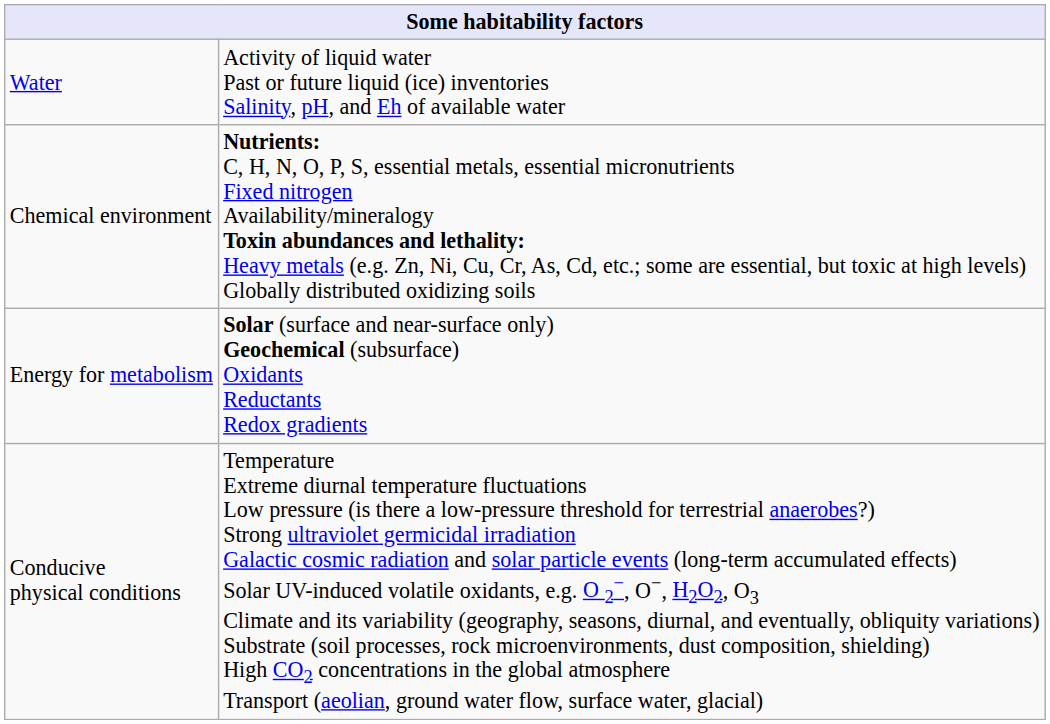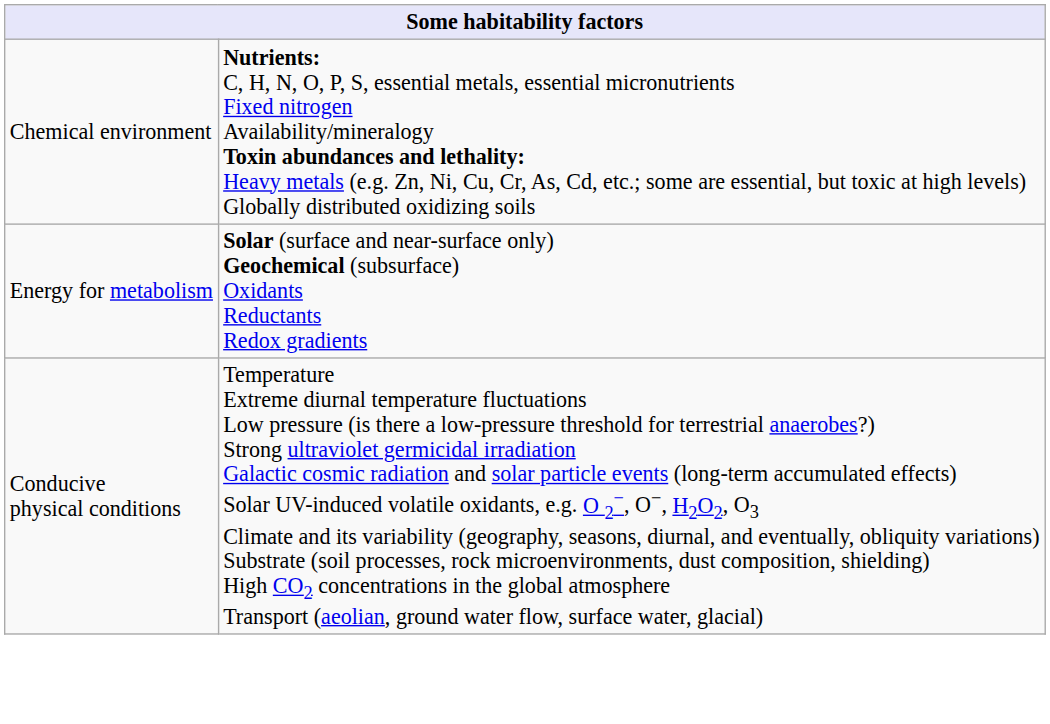 <table class="wikitable">
 <tr>
 <th style="align: center; background: lavender;" colspan="2"><strong>Some habitability factors</strong></th>
-</tr>
-<tr>
-<td><a href='#'>Water</a></td>
-<td> Activity of liquid water <br>  Past or future liquid (ice) inventories <br>  <a href='#'>Salinity</a>, <a href='#'>pH</a>, and <a href='#'>Eh</a> of available water</td>
 </tr>
 <tr>
 <td>Chemical environment</td>
 <td><strong>Nutrients:</strong> <br>  C, H, N, O, P, S, essential metals, essential micronutrients <br> <a href='#'>Fixed nitrogen</a> <br> Availability/mineralogy <br> <strong>Toxin abundances and lethality:</strong> <br>  <a href='#'>Heavy metals</a> (e.g. Zn, Ni, Cu, Cr, As, Cd, etc.; some are essential, but toxic at high levels) <br>  Globally distributed oxidizing soils</td>
 </tr>
 <tr>
 <td>Energy for <a href='#'>metabolism</a></td>
 <td><strong>Solar</strong> (surface and near-surface only) <br> <strong>Geochemical</strong> (subsurface) <br>  <a href='#'>Oxidants</a> <br>  <a href='#'>Reductants</a> <br>  <a href='#'>Redox gradients</a></td>
 </tr>
 <tr>
 <td>Conducive <br> physical conditions</td>
 <td>Temperature <br> Extreme diurnal temperature fluctuations <br> Low pressure (is there a low-pressure threshold for terrestrial <a href='#'>anaerobes</a>?) <br> Strong <a href='#'>ultraviolet germicidal irradiation</a> <br> <a href='#'>Galactic cosmic radiation</a> and <a href='#'>solar particle events</a> (long-term accumulated effects) <br>  Solar UV-induced volatile oxidants, e.g. <a href='#'>O <sub>2</sub><sup>−</sup></a>, O<sup>−</sup>, <a href='#'>H<sub>2</sub>O<sub>2</sub></a>, O<sub>3</sub> <br> Climate and its variability (geography, seasons, diurnal, and eventually, obliquity variations) <br> Substrate (soil processes, rock microenvironments, dust composition, shielding) <br> High <a href='#'>CO<sub>2</sub></a> concentrations in the global atmosphere <br> Transport (<a href='#'>aeolian</a>, ground water flow, surface water, glacial)</td>
 </tr>
 </table>
